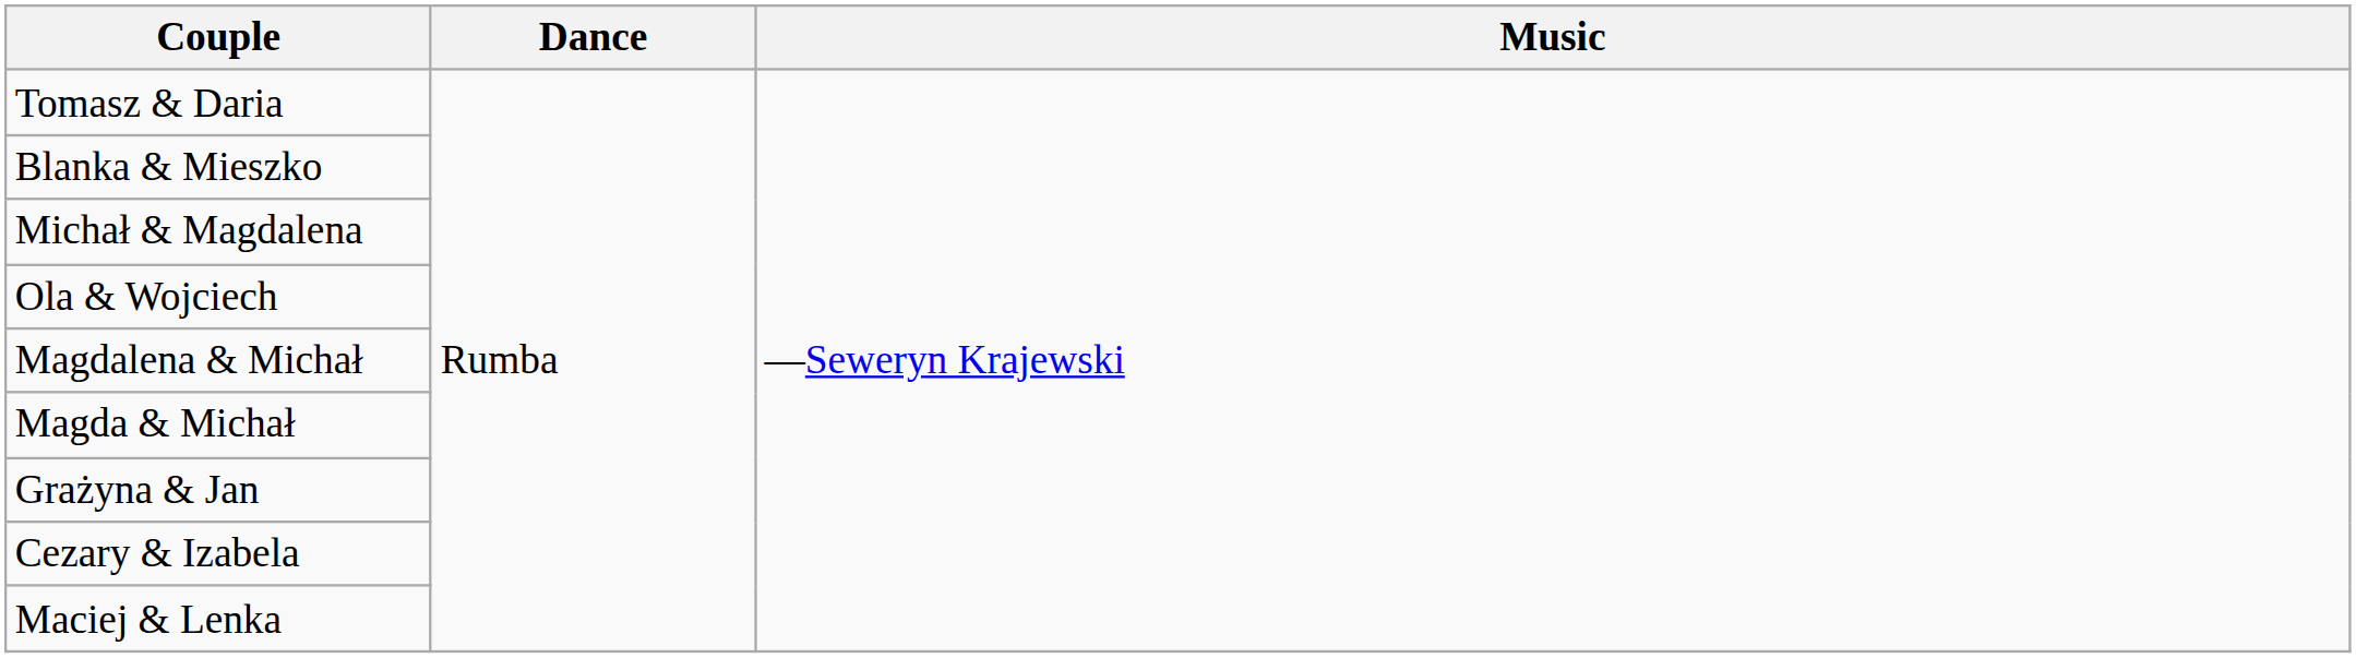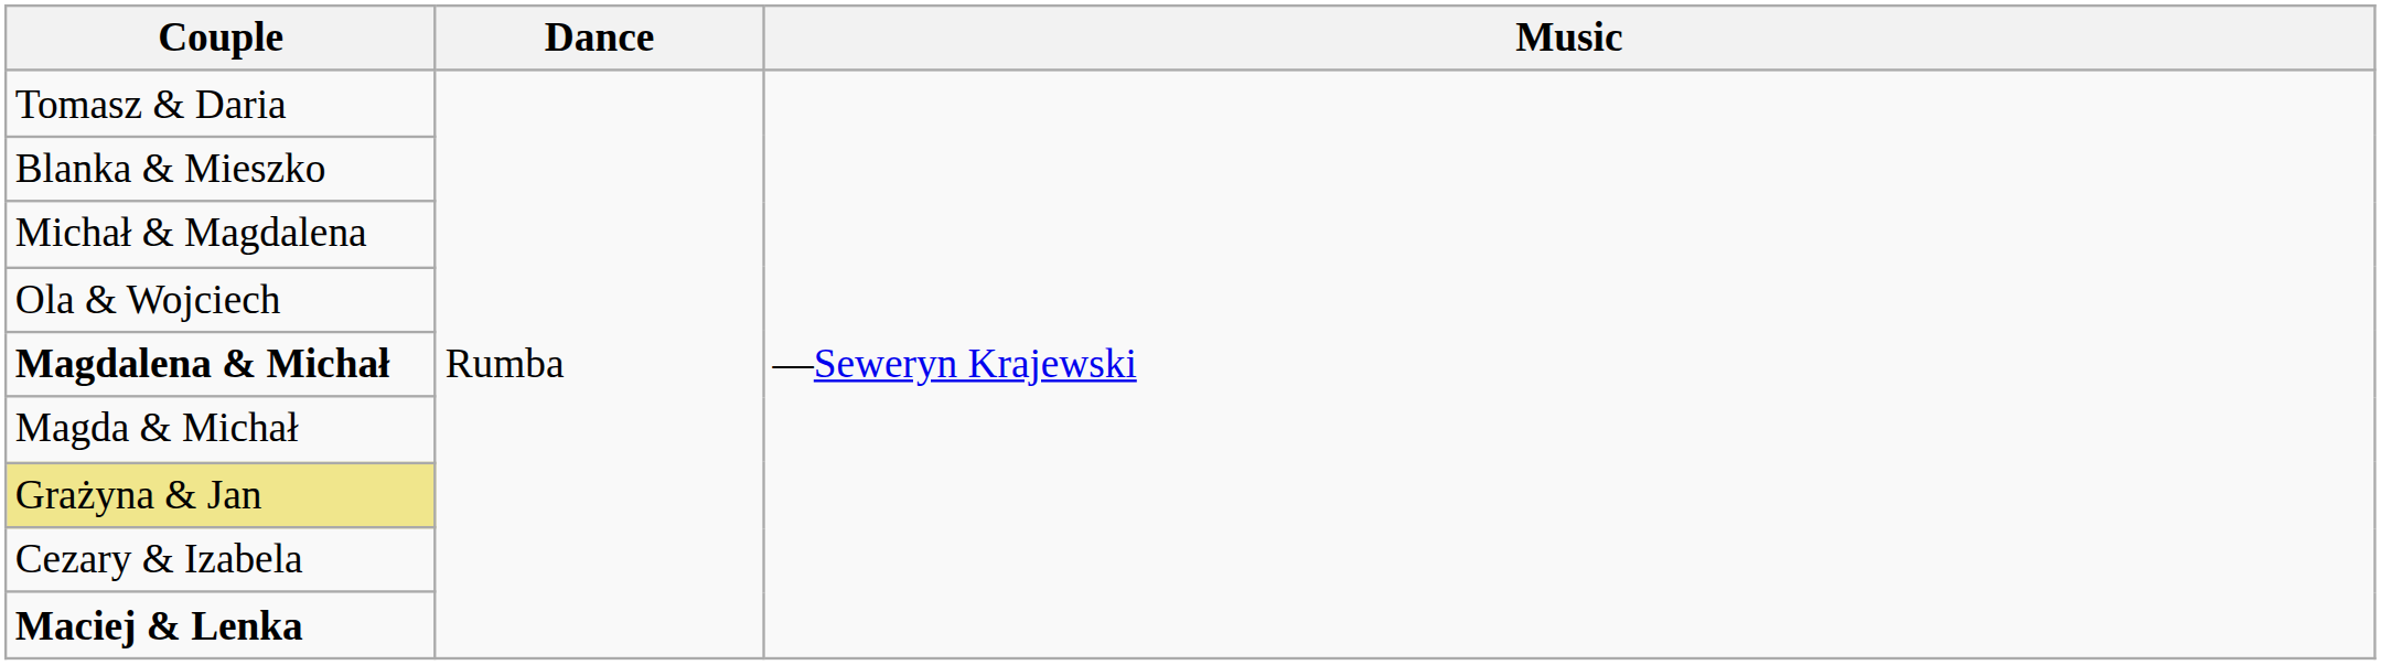 <table class="wikitable">
 <tr>
 <th style="width:160px;">Couple</th>
 <th style="width:120px;">Dance</th>
 <th style="width:620px;">Music</th>
 </tr>
 <tr>
 <td>Tomasz & Daria</td>
 <td rowspan="9">Rumba</td>
 <td rowspan="9">—<a href='#'>Seweryn Krajewski</a></td>
 </tr>
 <tr>
 <td>Blanka & Mieszko</td>
 </tr>
 <tr>
 <td>Michał & Magdalena</td>
 </tr>
 <tr>
 <td>Ola & Wojciech</td>
 </tr>
 <tr>
-<td>Magdalena & Michał</td>
+<td><strong>Magdalena & Michał</strong></td>
 </tr>
 <tr>
 <td>Magda & Michał</td>
 </tr>
 <tr>
-<td>Grażyna & Jan</td>
+<td style="background: khaki;">Grażyna & Jan</td>
 </tr>
 <tr>
 <td>Cezary & Izabela</td>
 </tr>
 <tr>
-<td>Maciej & Lenka</td>
+<td><strong>Maciej & Lenka</strong></td>
 </tr>
 </table>
